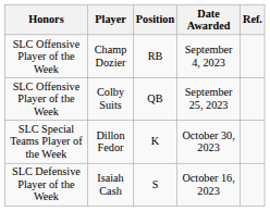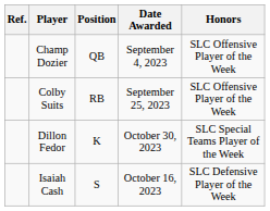 <table class="wikitable" style="width: 60%;text-align: center;">
 <tr>
-<th>Honors</th>
+<th>Ref.</th>
 <th>Player</th>
 <th>Position</th>
 <th>Date Awarded</th>
-<th>Ref.</th>
+<th>Honors</th>
 </tr>
 <tr align="center">
+<td></td>
+<td>Champ Dozier</td>
+<td>QB</td>
+<td>September 4, 2023</td>
 <td rowspan="1">SLC Offensive Player of the Week</td>
-<td>Champ Dozier</td>
-<td>RB</td>
-<td>September 4, 2023</td>
-<td></td>
 </tr>
 <tr align="center">
+<td></td>
+<td>Colby Suits</td>
+<td>RB</td>
+<td>September 25, 2023</td>
 <td rowspan="1">SLC Offensive Player of the Week</td>
-<td>Colby Suits</td>
-<td>QB</td>
-<td>September 25, 2023</td>
-<td></td>
 </tr>
 <tr align="center">
-<td rowspan="1">SLC Special Teams Player of the Week</td>
+<td></td>
 <td>Dillon Fedor</td>
 <td>K</td>
 <td>October 30, 2023</td>
-<td></td>
+<td rowspan="1">SLC Special Teams Player of the Week</td>
 </tr>
 <tr align="center">
-<td rowspan="1">SLC Defensive Player of the Week</td>
+<td></td>
 <td>Isaiah Cash</td>
 <td>S</td>
 <td>October 16, 2023</td>
-<td></td>
+<td rowspan="1">SLC Defensive Player of the Week</td>
 </tr>
 </table>
